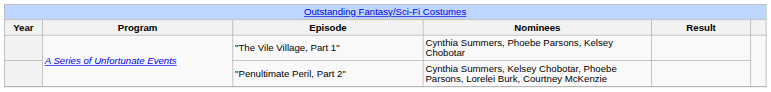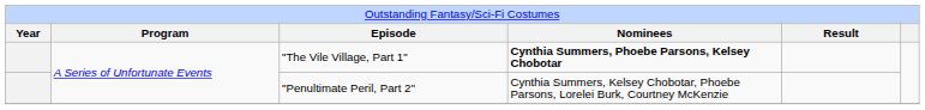 <table class="wikitable plainrowheaders" style="font-size: 90%" width=90%>
 <tr ---- bgcolor="#bfd7ff">
 <td colspan=6 align=center><a href='#'>Outstanding Fantasy/Sci-Fi Costumes</a></td>
 </tr>
 <tr ---- bgcolor="#ebf5ff">
 <th width="5%">Year</th>
 <th width="25%">Program</th>
 <th width="25%">Episode</th>
 <th width="30%">Nominees</th>
 <th width="13%">Result</th>
 <th width="5%"></th>
 </tr>
 <tr>
 <th scope=row></th>
 <td rowspan="2"><em><a href='#'>A Series of Unfortunate Events</a></em></td>
 <td>"The Vile Village, Part 1"</td>
-<td>Cynthia Summers, Phoebe Parsons, Kelsey Chobotar</td>
+<td><strong>Cynthia Summers, Phoebe Parsons, Kelsey Chobotar</strong></td>
 <td></td>
 <td rowspan="2"></td>
 </tr>
 <tr>
 <th scope=row></th>
 <td>"Penultimate Peril, Part 2"</td>
 <td>Cynthia Summers, Kelsey Chobotar, Phoebe Parsons, Lorelei Burk, Courtney McKenzie</td>
 <td></td>
 </tr>
 <tr>
 </tr>
 </table>
